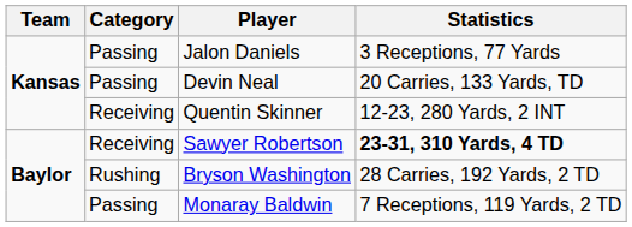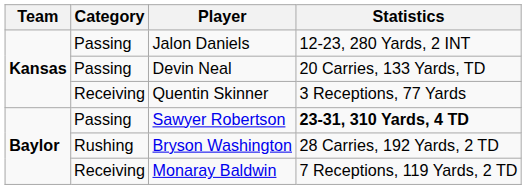 <table class="wikitable" style="float: right;">
 <tr>
 <th>Team</th>
 <th>Category</th>
 <th>Player</th>
 <th>Statistics</th>
 </tr>
 <tr>
 <td rowspan=3><strong>Kansas</strong></td>
 <td>Passing</td>
 <td>Jalon Daniels</td>
-<td>3 Receptions, 77 Yards</td>
+<td>12-23, 280 Yards, 2 INT</td>
 </tr>
 <tr>
 <td>Passing</td>
 <td>Devin Neal</td>
 <td>20 Carries, 133 Yards, TD</td>
 </tr>
 <tr>
 <td>Receiving</td>
 <td>Quentin Skinner</td>
-<td>12-23, 280 Yards, 2 INT</td>
+<td>3 Receptions, 77 Yards</td>
 </tr>
 <tr>
 <td rowspan=3><strong>Baylor</strong></td>
-<td>Receiving</td>
+<td>Passing</td>
 <td><a href='#'>Sawyer Robertson</a></td>
 <td><strong>23-31, 310 Yards, 4 TD</strong></td>
 </tr>
 <tr>
 <td>Rushing</td>
 <td><a href='#'>Bryson Washington</a></td>
 <td>28 Carries, 192 Yards, 2 TD</td>
 </tr>
 <tr>
-<td>Passing</td>
+<td>Receiving</td>
 <td><a href='#'>Monaray Baldwin</a></td>
 <td>7 Receptions, 119 Yards, 2 TD</td>
 </tr>
 </table>
